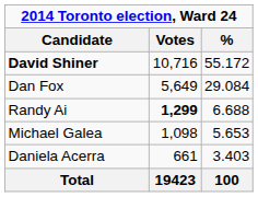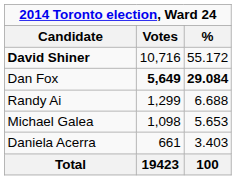 <table class="wikitable">
 <tr>
 <td Colspan="3" align="center"><strong><a href='#'>2014 Toronto election</a>, Ward 24</strong></td>
 </tr>
 <tr>
 <th bgcolor="#DDDDFF" width="150px">Candidate</th>
 <th bgcolor="#DDDDFF">Votes</th>
 <th bgcolor="#DDDDFF">%</th>
 </tr>
 <tr>
 <td><strong>David Shiner</strong></td>
 <td align=right>10,716</td>
 <td align=right>55.172</td>
 </tr>
 <tr>
 <td>Dan Fox</td>
-<td align=right>5,649</td>
-<td align=right>29.084</td>
+<td align=right><strong>5,649</strong></td>
+<td align=right><strong>29.084</strong></td>
 </tr>
 <tr>
 <td>Randy Ai</td>
-<td align=right><strong>1,299</strong></td>
+<td align=right>1,299</td>
 <td align=right>6.688</td>
 </tr>
 <tr>
 <td>Michael Galea</td>
 <td align=right>1,098</td>
 <td align=right>5.653</td>
 </tr>
 <tr>
 <td>Daniela Acerra</td>
 <td align=right>661</td>
 <td align=right>3.403</td>
 </tr>
 <tr>
 <th>Total</th>
 <th align="right">19423</th>
 <th align="right">100</th>
 </tr>
 </table>
